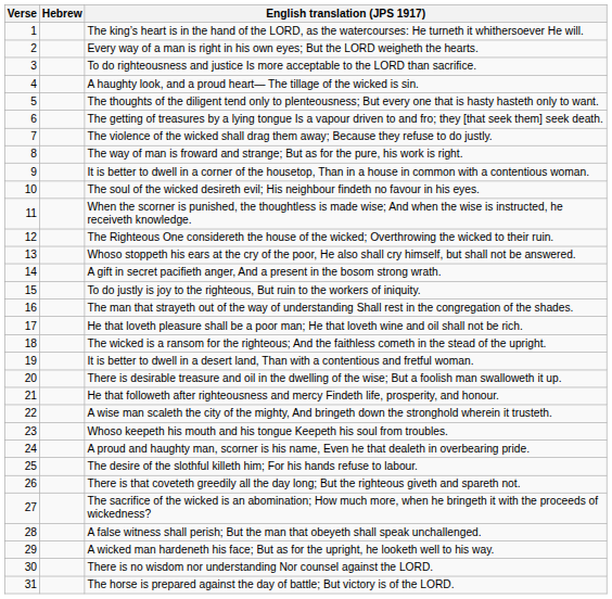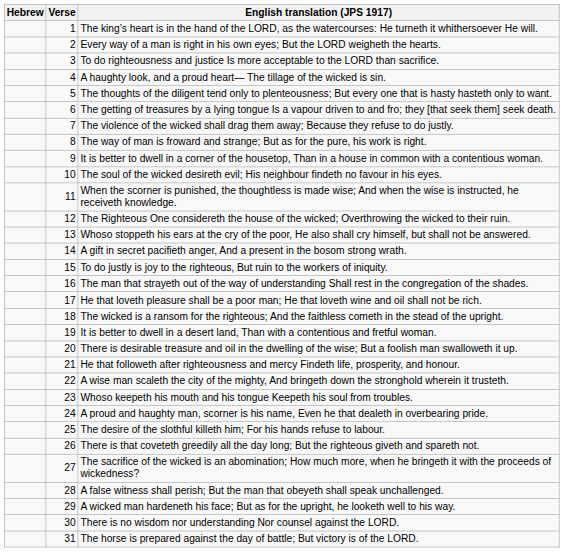 <table class="wikitable">
 <tr>
+<th>Hebrew</th>
 <th>Verse</th>
-<th>Hebrew</th>
 <th>English translation (JPS 1917)</th>
 </tr>
 <tr>
+<td style="text-align:right"></td>
 <td style="text-align:right">1</td>
-<td style="text-align:right"></td>
 <td>The king’s heart is in the hand of the LORD, as the watercourses: He turneth it whithersoever He will.</td>
 </tr>
 <tr>
+<td style="text-align:right"></td>
 <td style="text-align:right">2</td>
-<td style="text-align:right"></td>
 <td>Every way of a man is right in his own eyes; But the LORD weigheth the hearts.</td>
 </tr>
 <tr>
+<td style="text-align:right"></td>
 <td style="text-align:right">3</td>
-<td style="text-align:right"></td>
 <td>To do righteousness and justice Is more acceptable to the LORD than sacrifice.</td>
 </tr>
 <tr>
+<td style="text-align:right"></td>
 <td style="text-align:right">4</td>
-<td style="text-align:right"></td>
 <td>A haughty look, and a proud heart— The tillage of the wicked is sin.</td>
 </tr>
 <tr>
+<td style="text-align:right"></td>
 <td style="text-align:right">5</td>
-<td style="text-align:right"></td>
 <td>The thoughts of the diligent tend only to plenteousness; But every one that is hasty hasteth only to want.</td>
 </tr>
 <tr>
+<td style="text-align:right"></td>
 <td style="text-align:right">6</td>
-<td style="text-align:right"></td>
 <td>The getting of treasures by a lying tongue Is a vapour driven to and fro; they [that seek them] seek death.</td>
 </tr>
 <tr>
+<td style="text-align:right"></td>
 <td style="text-align:right">7</td>
-<td style="text-align:right"></td>
 <td>The violence of the wicked shall drag them away; Because they refuse to do justly.</td>
 </tr>
 <tr>
+<td style="text-align:right"></td>
 <td style="text-align:right">8</td>
-<td style="text-align:right"></td>
 <td>The way of man is froward and strange; But as for the pure, his work is right.</td>
 </tr>
 <tr>
+<td style="text-align:right"></td>
 <td style="text-align:right">9</td>
-<td style="text-align:right"></td>
 <td>It is better to dwell in a corner of the housetop, Than in a house in common with a contentious woman.</td>
 </tr>
 <tr>
+<td style="text-align:right"></td>
 <td style="text-align:right">10</td>
-<td style="text-align:right"></td>
 <td>The soul of the wicked desireth evil; His neighbour findeth no favour in his eyes.</td>
 </tr>
 <tr>
+<td style="text-align:right"></td>
 <td style="text-align:right">11</td>
-<td style="text-align:right"></td>
 <td>When the scorner is punished, the thoughtless is made wise; And when the wise is instructed, he receiveth knowledge.</td>
 </tr>
 <tr>
+<td style="text-align:right"></td>
 <td style="text-align:right">12</td>
-<td style="text-align:right"></td>
 <td>The Righteous One considereth the house of the wicked; Overthrowing the wicked to their ruin.</td>
 </tr>
 <tr>
+<td style="text-align:right"></td>
 <td style="text-align:right">13</td>
-<td style="text-align:right"></td>
 <td>Whoso stoppeth his ears at the cry of the poor, He also shall cry himself, but shall not be answered.</td>
 </tr>
 <tr>
+<td style="text-align:right"></td>
 <td style="text-align:right">14</td>
-<td style="text-align:right"></td>
 <td>A gift in secret pacifieth anger, And a present in the bosom strong wrath.</td>
 </tr>
 <tr>
+<td style="text-align:right"></td>
 <td style="text-align:right">15</td>
-<td style="text-align:right"></td>
 <td>To do justly is joy to the righteous, But ruin to the workers of iniquity.</td>
 </tr>
 <tr>
+<td style="text-align:right"></td>
 <td style="text-align:right">16</td>
-<td style="text-align:right"></td>
 <td>The man that strayeth out of the way of understanding Shall rest in the congregation of the shades.</td>
 </tr>
 <tr>
+<td style="text-align:right"></td>
 <td style="text-align:right">17</td>
-<td style="text-align:right"></td>
 <td>He that loveth pleasure shall be a poor man; He that loveth wine and oil shall not be rich.</td>
 </tr>
 <tr>
+<td style="text-align:right"></td>
 <td style="text-align:right">18</td>
-<td style="text-align:right"></td>
 <td>The wicked is a ransom for the righteous; And the faithless cometh in the stead of the upright.</td>
 </tr>
 <tr>
+<td style="text-align:right"></td>
 <td style="text-align:right">19</td>
-<td style="text-align:right"></td>
 <td>It is better to dwell in a desert land, Than with a contentious and fretful woman.</td>
 </tr>
 <tr>
+<td style="text-align:right"></td>
 <td style="text-align:right">20</td>
-<td style="text-align:right"></td>
 <td>There is desirable treasure and oil in the dwelling of the wise; But a foolish man swalloweth it up.</td>
 </tr>
 <tr>
+<td style="text-align:right"></td>
 <td style="text-align:right">21</td>
-<td style="text-align:right"></td>
 <td>He that followeth after righteousness and mercy Findeth life, prosperity, and honour.</td>
 </tr>
 <tr>
+<td style="text-align:right"></td>
 <td style="text-align:right">22</td>
-<td style="text-align:right"></td>
 <td>A wise man scaleth the city of the mighty, And bringeth down the stronghold wherein it trusteth.</td>
 </tr>
 <tr>
+<td style="text-align:right"></td>
 <td style="text-align:right">23</td>
-<td style="text-align:right"></td>
 <td>Whoso keepeth his mouth and his tongue Keepeth his soul from troubles.</td>
 </tr>
 <tr>
+<td style="text-align:right"></td>
 <td style="text-align:right">24</td>
-<td style="text-align:right"></td>
 <td>A proud and haughty man, scorner is his name, Even he that dealeth in overbearing pride.</td>
 </tr>
 <tr>
+<td style="text-align:right"></td>
 <td style="text-align:right">25</td>
-<td style="text-align:right"></td>
 <td>The desire of the slothful killeth him; For his hands refuse to labour.</td>
 </tr>
 <tr>
+<td style="text-align:right"></td>
 <td style="text-align:right">26</td>
-<td style="text-align:right"></td>
 <td>There is that coveteth greedily all the day long; But the righteous giveth and spareth not.</td>
 </tr>
 <tr>
+<td style="text-align:right"></td>
 <td style="text-align:right">27</td>
-<td style="text-align:right"></td>
 <td>The sacrifice of the wicked is an abomination; How much more, when he bringeth it with the proceeds of wickedness?</td>
 </tr>
 <tr>
+<td style="text-align:right"></td>
 <td style="text-align:right">28</td>
-<td style="text-align:right"></td>
 <td>A false witness shall perish; But the man that obeyeth shall speak unchallenged.</td>
 </tr>
 <tr>
+<td style="text-align:right"></td>
 <td style="text-align:right">29</td>
-<td style="text-align:right"></td>
 <td>A wicked man hardeneth his face; But as for the upright, he looketh well to his way.</td>
 </tr>
 <tr>
+<td style="text-align:right"></td>
 <td style="text-align:right">30</td>
-<td style="text-align:right"></td>
 <td>There is no wisdom nor understanding Nor counsel against the LORD.</td>
 </tr>
 <tr>
+<td style="text-align:right"></td>
 <td style="text-align:right">31</td>
-<td style="text-align:right"></td>
 <td>The horse is prepared against the day of battle; But victory is of the LORD.</td>
 </tr>
 </table>
